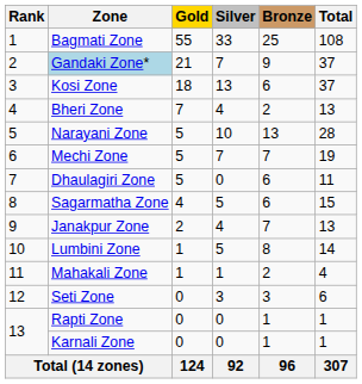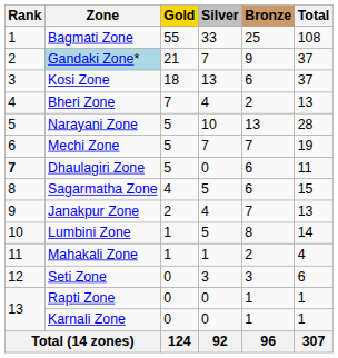 <table class="wikitable sortable">
 <tr>
 <th>Rank</th>
 <th>Zone</th>
 <th style="background:gold">Gold</th>
 <th style="background:silver">Silver</th>
 <th style="background:#cc9966">Bronze</th>
 <th>Total</th>
 </tr>
 <tr>
 <td>1</td>
 <td><a href='#'>Bagmati Zone</a></td>
 <td>55</td>
 <td>33</td>
 <td>25</td>
 <td>108</td>
 </tr>
 <tr>
 <td>2</td>
 <td style="background:lightblue"><a href='#'>Gandaki Zone</a>*</td>
 <td>21</td>
 <td>7</td>
 <td>9</td>
 <td>37</td>
 </tr>
 <tr>
 <td>3</td>
 <td><a href='#'>Kosi Zone</a></td>
 <td>18</td>
 <td>13</td>
 <td>6</td>
 <td>37</td>
 </tr>
 <tr>
 <td>4</td>
 <td><a href='#'>Bheri Zone</a></td>
 <td>7</td>
 <td>4</td>
 <td>2</td>
 <td>13</td>
 </tr>
 <tr>
 <td>5</td>
 <td><a href='#'>Narayani Zone</a></td>
 <td>5</td>
 <td>10</td>
 <td>13</td>
 <td>28</td>
 </tr>
 <tr>
 <td>6</td>
 <td><a href='#'>Mechi Zone</a></td>
 <td>5</td>
 <td>7</td>
 <td>7</td>
 <td>19</td>
 </tr>
 <tr>
-<td>7</td>
+<td><strong>7</strong></td>
 <td><a href='#'>Dhaulagiri Zone</a></td>
 <td>5</td>
 <td>0</td>
 <td>6</td>
 <td>11</td>
 </tr>
 <tr>
 <td>8</td>
 <td><a href='#'>Sagarmatha Zone</a></td>
 <td>4</td>
 <td>5</td>
 <td>6</td>
 <td>15</td>
 </tr>
 <tr>
 <td>9</td>
 <td><a href='#'>Janakpur Zone</a></td>
 <td>2</td>
 <td>4</td>
 <td>7</td>
 <td>13</td>
 </tr>
 <tr>
 <td>10</td>
 <td><a href='#'>Lumbini Zone</a></td>
 <td>1</td>
 <td>5</td>
 <td>8</td>
 <td>14</td>
 </tr>
 <tr>
 <td>11</td>
 <td><a href='#'>Mahakali Zone</a></td>
 <td>1</td>
 <td>1</td>
 <td>2</td>
 <td>4</td>
 </tr>
 <tr>
 <td>12</td>
 <td><a href='#'>Seti Zone</a></td>
 <td>0</td>
 <td>3</td>
 <td>3</td>
 <td>6</td>
 </tr>
 <tr>
 <td rowspan="2">13</td>
 <td><a href='#'>Rapti Zone</a></td>
 <td>0</td>
 <td>0</td>
 <td>1</td>
 <td>1</td>
 </tr>
 <tr>
 <td><a href='#'>Karnali Zone</a></td>
 <td>0</td>
 <td>0</td>
 <td>1</td>
 <td>1</td>
 </tr>
 <tr>
 <th colspan="2">Total (14 zones)</th>
 <th>124</th>
 <th>92</th>
 <th>96</th>
 <th>307</th>
 </tr>
 </table>
